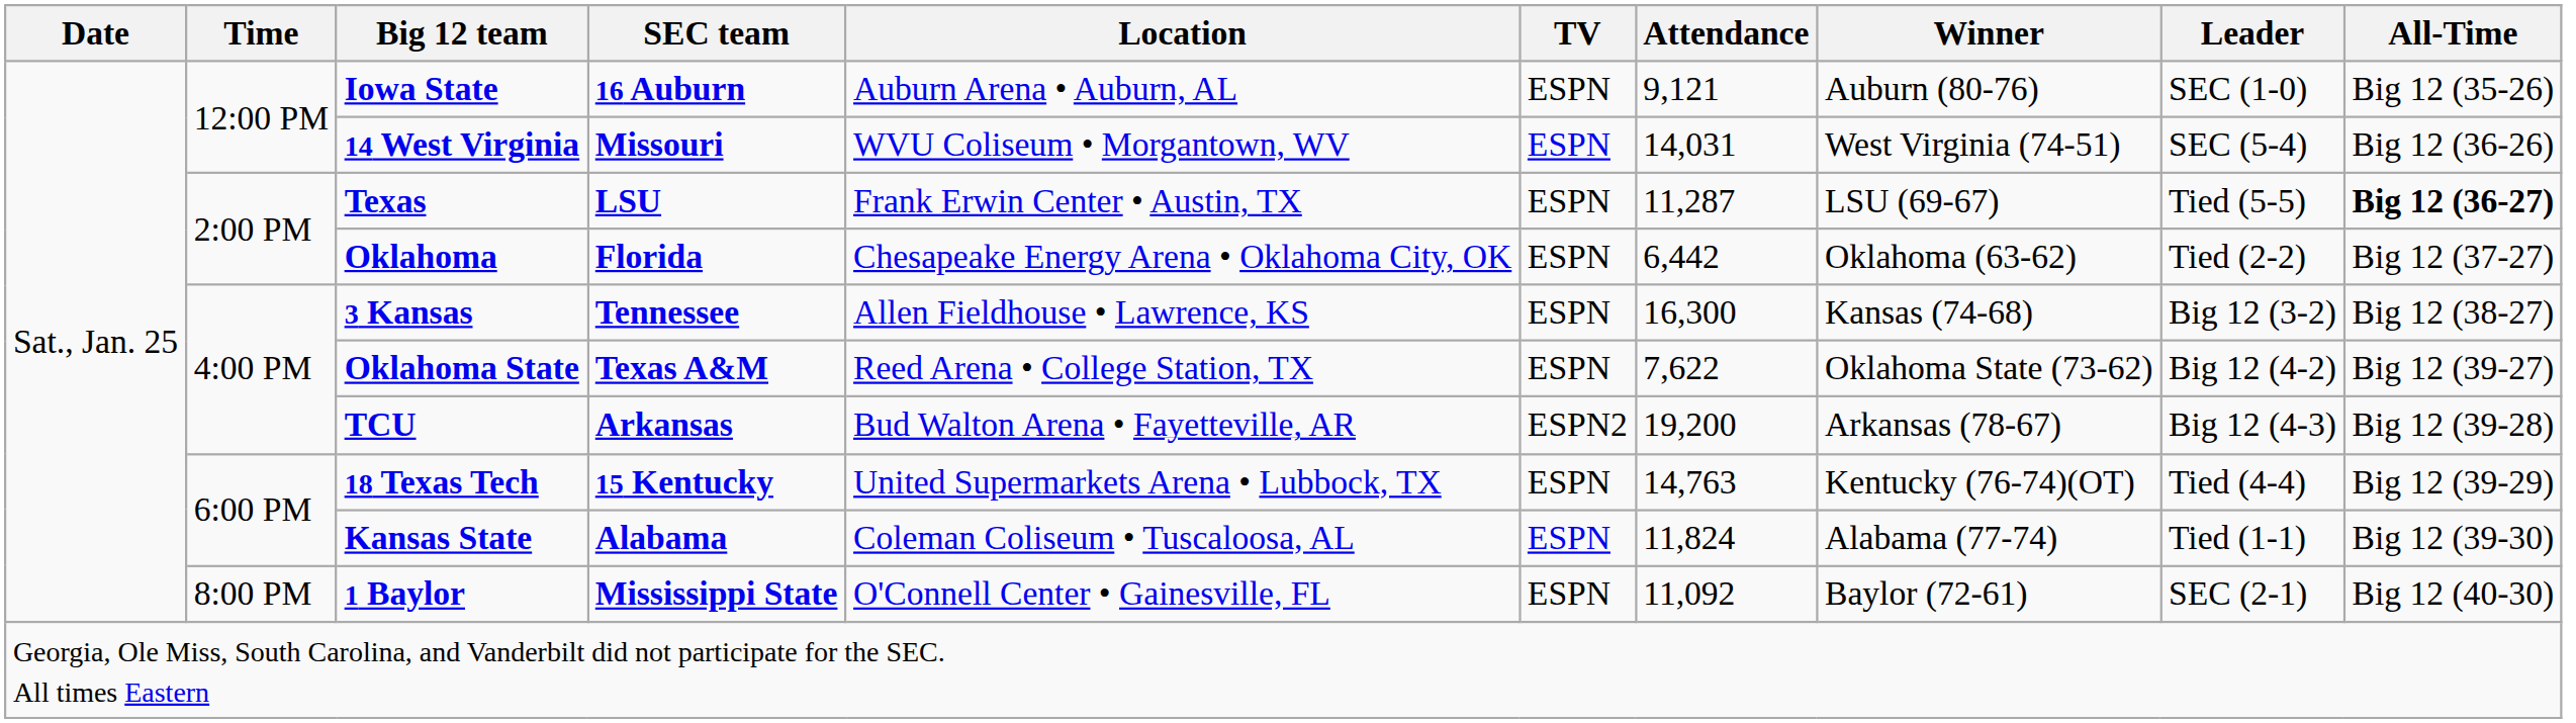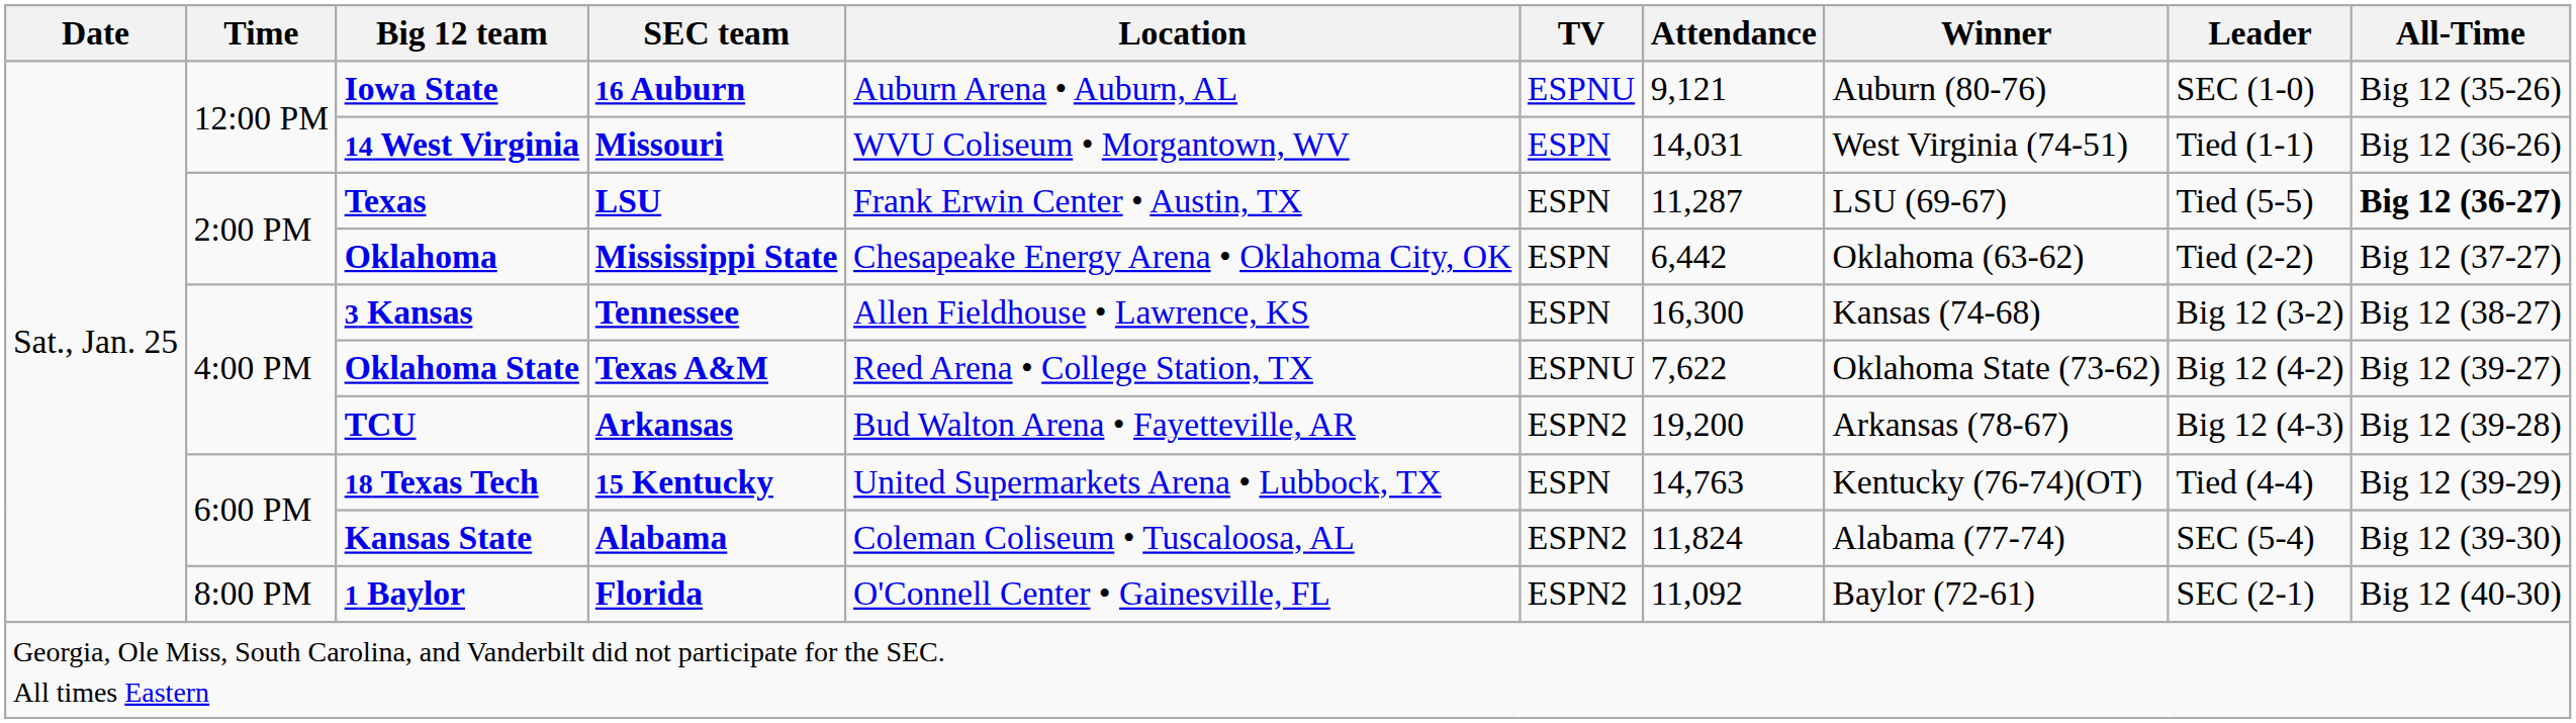 <table class="wikitable" style="font-size: 95%">
 <tr style="text-align:center;">
 <th>Date</th>
 <th>Time</th>
 <th>Big 12 team</th>
 <th>SEC team</th>
 <th>Location</th>
 <th>TV</th>
 <th>Attendance</th>
 <th>Winner</th>
 <th>Leader</th>
 <th>All-Time</th>
 </tr>
 <tr>
 <td rowspan=10>Sat., Jan. 25</td>
 <td rowspan=2>12:00 PM</td>
 <td><strong><a href='#'><span>Iowa State</span></a></strong></td>
 <td><strong><a href='#'><span><small>16</small> Auburn</span></a></strong></td>
 <td><a href='#'>Auburn Arena</a> • <a href='#'>Auburn, AL</a></td>
-<td>ESPN</td>
+<td><a href='#'>ESPNU</a></td>
 <td>9,121</td>
 <td>Auburn (80-76)</td>
 <td>SEC (1-0)</td>
 <td>Big 12 (35-26)</td>
 </tr>
 <tr>
 <td><strong><a href='#'><span><small>14</small> West Virginia</span></a></strong></td>
 <td><strong><a href='#'><span>Missouri</span></a></strong></td>
 <td><a href='#'>WVU Coliseum</a> • <a href='#'>Morgantown, WV</a></td>
 <td><a href='#'>ESPN</a></td>
 <td>14,031</td>
 <td>West Virginia (74-51)</td>
-<td>SEC (5-4)</td>
+<td>Tied (1-1)</td>
 <td>Big 12 (36-26)</td>
 </tr>
 <tr>
 <td rowspan=2>2:00 PM</td>
 <td><strong><a href='#'><span>Texas</span></a></strong></td>
 <td><strong><a href='#'><span>LSU</span></a></strong></td>
 <td><a href='#'>Frank Erwin Center</a> • <a href='#'>Austin, TX</a></td>
 <td>ESPN</td>
 <td>11,287</td>
 <td>LSU (69-67)</td>
 <td>Tied (5-5)</td>
 <td><strong>Big 12 (36-27)</strong></td>
 </tr>
 <tr>
 <td><strong><a href='#'><span>Oklahoma</span></a></strong></td>
-<td><strong><a href='#'><span>Florida</span></a></strong></td>
+<td><strong><a href='#'><span>Mississippi State</span></a></strong></td>
 <td><a href='#'>Chesapeake Energy Arena</a> • <a href='#'>Oklahoma City, OK</a></td>
 <td>ESPN</td>
 <td>6,442</td>
 <td>Oklahoma (63-62)</td>
 <td>Tied (2-2)</td>
 <td>Big 12 (37-27)</td>
 </tr>
 <tr>
 <td rowspan=3>4:00 PM</td>
 <td><strong><a href='#'><span><small>3</small> Kansas</span></a></strong></td>
 <td><strong><a href='#'><span>Tennessee</span></a></strong></td>
 <td><a href='#'>Allen Fieldhouse</a> • <a href='#'>Lawrence, KS</a></td>
 <td>ESPN</td>
 <td>16,300</td>
 <td>Kansas (74-68)</td>
 <td>Big 12 (3-2)</td>
 <td>Big 12 (38-27)</td>
 </tr>
 <tr>
 <td><strong><a href='#'><span>Oklahoma State</span></a></strong></td>
 <td><strong><a href='#'><span>Texas A&M</span></a></strong></td>
 <td><a href='#'>Reed Arena</a> • <a href='#'>College Station, TX</a></td>
-<td>ESPN</td>
+<td>ESPNU</td>
 <td>7,622</td>
 <td>Oklahoma State (73-62)</td>
 <td>Big 12 (4-2)</td>
 <td>Big 12 (39-27)</td>
 </tr>
 <tr>
 <td><strong><a href='#'><span>TCU</span></a></strong></td>
 <td><strong><a href='#'><span>Arkansas</span></a></strong></td>
 <td><a href='#'>Bud Walton Arena</a> • <a href='#'>Fayetteville, AR</a></td>
 <td>ESPN2</td>
 <td>19,200</td>
 <td>Arkansas (78-67)</td>
 <td>Big 12 (4-3)</td>
 <td>Big 12 (39-28)</td>
 </tr>
 <tr>
 <td rowspan=2>6:00 PM</td>
 <td><strong><a href='#'><span><small>18</small> Texas Tech</span></a></strong></td>
 <td><strong><a href='#'><span><small>15</small> Kentucky</span></a></strong></td>
 <td><a href='#'>United Supermarkets Arena</a> • <a href='#'>Lubbock, TX</a></td>
 <td>ESPN</td>
 <td>14,763</td>
 <td>Kentucky (76-74)(OT)</td>
 <td>Tied (4-4)</td>
 <td>Big 12 (39-29)</td>
 </tr>
 <tr>
 <td><strong><a href='#'><span>Kansas State</span></a></strong></td>
 <td><strong><a href='#'><span>Alabama</span></a></strong></td>
 <td><a href='#'>Coleman Coliseum</a> • <a href='#'>Tuscaloosa, AL</a></td>
-<td><a href='#'>ESPN</a></td>
+<td>ESPN2</td>
 <td>11,824</td>
 <td>Alabama (77-74)</td>
-<td>Tied (1-1)</td>
+<td>SEC (5-4)</td>
 <td>Big 12 (39-30)</td>
 </tr>
 <tr>
 <td>8:00 PM</td>
 <td><strong><a href='#'><span><small>1</small> Baylor</span></a></strong></td>
-<td><strong><a href='#'><span>Mississippi State</span></a></strong></td>
+<td><strong><a href='#'><span>Florida</span></a></strong></td>
 <td><a href='#'>O'Connell Center</a> • <a href='#'>Gainesville, FL</a></td>
-<td>ESPN</td>
+<td>ESPN2</td>
 <td>11,092</td>
 <td>Baylor (72-61)</td>
 <td>SEC (2-1)</td>
 <td>Big 12 (40-30)</td>
 </tr>
 <tr>
 <td colspan="10"><small>Georgia, Ole Miss, South Carolina, and Vanderbilt did not participate for the SEC.<br>All times <a href='#'>Eastern</a></small></td>
 </tr>
 </table>
